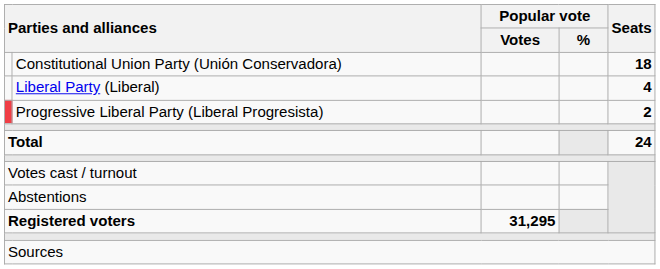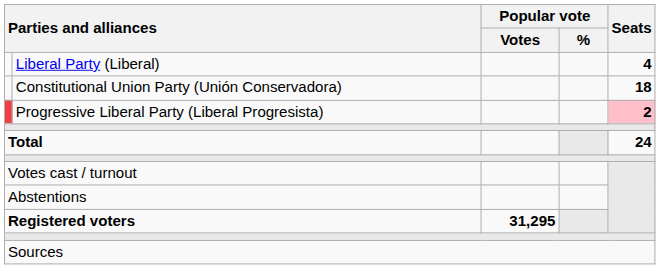 <table class="wikitable" style="text-align:right;">
 <tr>
 <th style="text-align:left;" rowspan="2" colspan="2" width="500">Parties and alliances</th>
 <th colspan="2">Popular vote</th>
 <th rowspan="2" width="35">Seats</th>
 </tr>
 <tr>
 <th width="75">Votes</th>
 <th width="45">%</th>
 </tr>
 <tr>
+<td style="color:inherit;background:"></td>
+<td align="left"><a href='#'>Liberal Party</a> (Liberal)</td>
+<td></td>
+<td></td>
+<td><strong>4</strong></td>
+</tr>
+<tr>
 <td width="1" style="color:inherit;background:"></td>
 <td align="left">Constitutional Union Party (Unión Conservadora)</td>
 <td></td>
 <td></td>
 <td><strong>18</strong></td>
 </tr>
 <tr>
-<td style="color:inherit;background:"></td>
-<td align="left"><a href='#'>Liberal Party</a> (Liberal)</td>
-<td></td>
-<td></td>
-<td><strong>4</strong></td>
-</tr>
-<tr>
 <td style="color:inherit;background:#F03E46"></td>
 <td align="left">Progressive Liberal Party (Liberal Progresista)</td>
 <td></td>
 <td></td>
-<td><strong>2</strong></td>
+<td style="background: pink;"><strong>2</strong></td>
 </tr>
 <tr>
 <td colspan="5" bgcolor="#E9E9E9"></td>
 </tr>
 <tr style="font-weight:bold;">
 <td align="left" colspan="2">Total</td>
 <td></td>
 <td bgcolor="#E9E9E9"></td>
 <td>24</td>
 </tr>
 <tr>
 <td colspan="5" bgcolor="#E9E9E9"></td>
 </tr>
 <tr>
 <td align="left" colspan="2">Votes cast / turnout</td>
 <td></td>
 <td></td>
 <td bgcolor="#E9E9E9" rowspan="3"></td>
 </tr>
 <tr>
 <td align="left" colspan="2">Abstentions</td>
 <td></td>
 <td></td>
 </tr>
 <tr style="font-weight:bold;">
 <td align="left" colspan="2">Registered voters</td>
 <td>31,295</td>
 <td bgcolor="#E9E9E9"></td>
 </tr>
 <tr>
 <td colspan="5" bgcolor="#E9E9E9"></td>
 </tr>
 <tr>
 <td align="left" colspan="5">Sources</td>
 </tr>
 </table>
